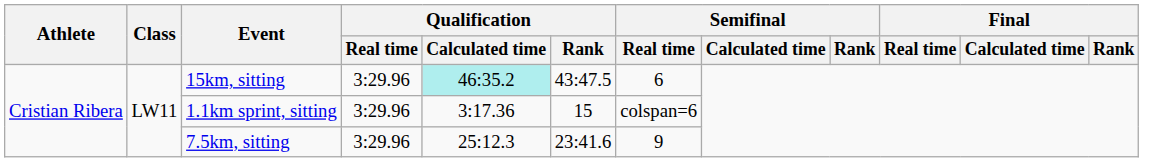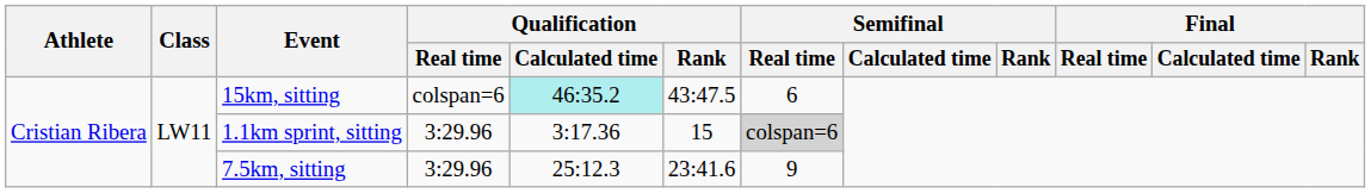 <table class=wikitable style="font-size:90%">
 <tr>
 <th rowspan=2>Athlete</th>
 <th rowspan=2>Class</th>
 <th rowspan=2>Event</th>
 <th colspan=3>Qualification</th>
 <th colspan=3>Semifinal</th>
 <th colspan=3>Final</th>
 </tr>
 <tr style="font-size:95%">
 <th>Real time</th>
 <th>Calculated time</th>
 <th>Rank</th>
 <th>Real time</th>
 <th>Calculated time</th>
 <th>Rank</th>
 <th>Real time</th>
 <th>Calculated time</th>
 <th>Rank</th>
 </tr>
 <tr>
 <td rowspan=3><a href='#'>Cristian Ribera</a></td>
 <td rowspan=3>LW11</td>
 <td><a href='#'>15km, sitting</a></td>
-<td align="center">3:29.96</td>
+<td>colspan=6 </td>
 <td align="center" style="background: paleturquoise;">46:35.2</td>
 <td align="center">43:47.5</td>
 <td align="center">6</td>
 </tr>
 <tr>
 <td><a href='#'>1.1km sprint, sitting</a></td>
 <td align="center">3:29.96</td>
 <td align="center">3:17.36</td>
 <td align="center">15</td>
-<td>colspan=6 </td>
+<td style="background: lightgrey;">colspan=6 </td>
 </tr>
 <tr>
 <td><a href='#'>7.5km, sitting</a></td>
 <td align="center">3:29.96</td>
 <td align="center">25:12.3</td>
 <td align="center">23:41.6</td>
 <td align="center">9</td>
 </tr>
 </table>
